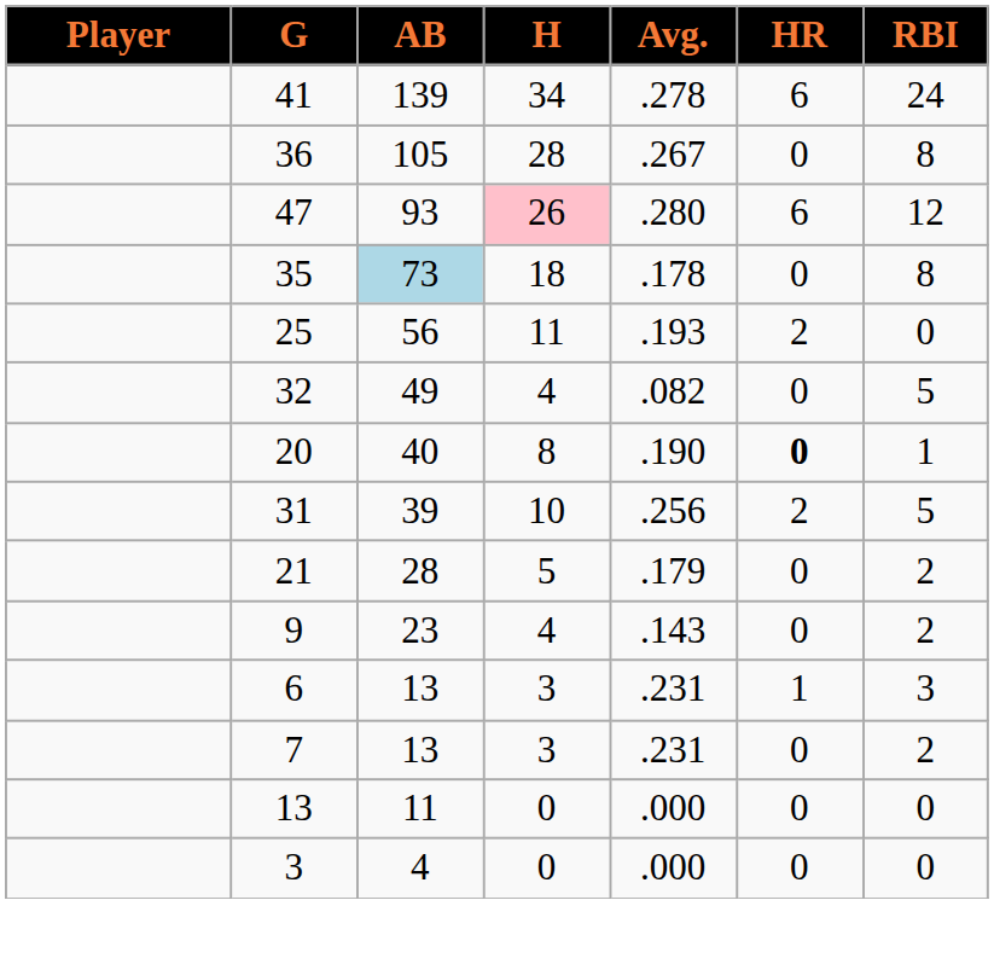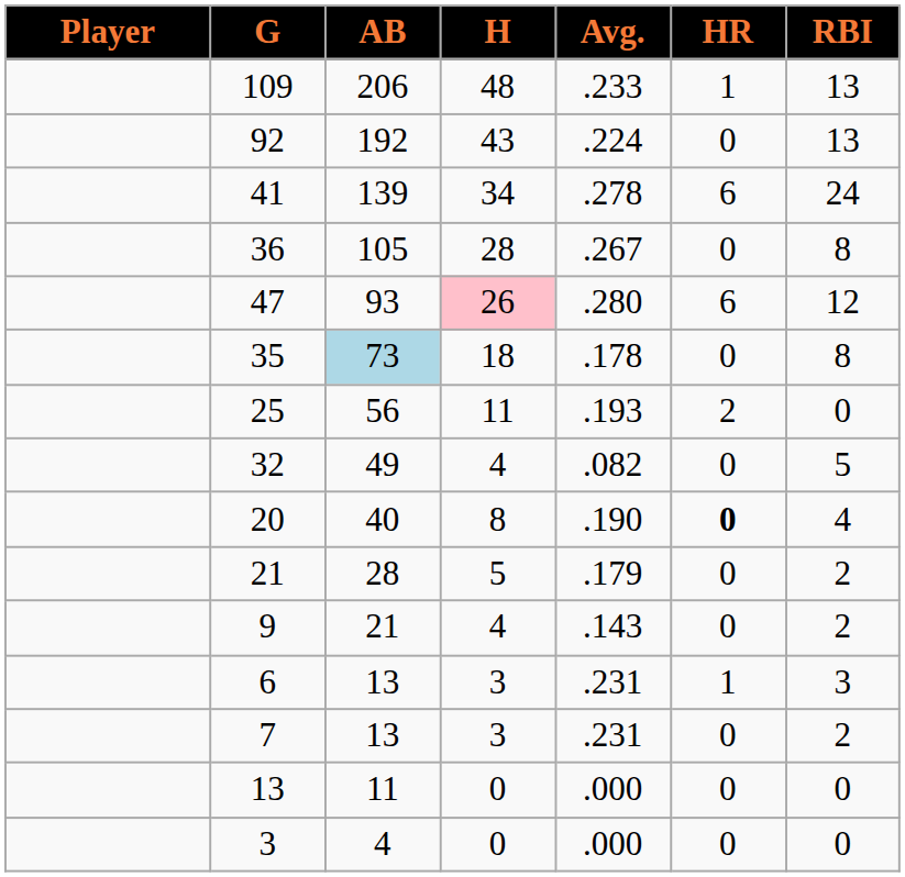 <table class="wikitable sortable">
 <tr>
 <th style="background:black;color:#f47937;" width="16%">Player</th>
 <th style="background:black;color:#f47937;" width="9%">G</th>
 <th style="background:black;color:#f47937;" width="9%">AB</th>
 <th style="background:black;color:#f47937;" width="9%">H</th>
 <th style="background:black;color:#f47937;" width="9%">Avg.</th>
 <th style="background:black;color:#f47937;" width="9%">HR</th>
 <th style="background:black;color:#f47937;" width="9%">RBI</th>
+</tr>
+<tr align="center">
+<td></td>
+<td>109</td>
+<td>206</td>
+<td>48</td>
+<td>.233</td>
+<td>1</td>
+<td>13</td>
+</tr>
+<tr align=center>
+<td></td>
+<td>92</td>
+<td>192</td>
+<td>43</td>
+<td>.224</td>
+<td>0</td>
+<td>13</td>
 </tr>
 <tr align="center">
 <td></td>
 <td>41</td>
 <td>139</td>
 <td>34</td>
 <td>.278</td>
 <td>6</td>
 <td>24</td>
 </tr>
 <tr align="center">
 <td></td>
 <td>36</td>
 <td>105</td>
 <td>28</td>
 <td>.267</td>
 <td>0</td>
 <td>8</td>
 </tr>
 <tr align="center">
 <td></td>
 <td>47</td>
 <td>93</td>
 <td style="background: pink;">26</td>
 <td>.280</td>
 <td>6</td>
 <td>12</td>
 </tr>
 <tr align="center">
 <td></td>
 <td>35</td>
 <td style="background: lightblue;">73</td>
 <td>18</td>
 <td>.178</td>
 <td>0</td>
 <td>8</td>
 </tr>
 <tr align="center">
 <td></td>
 <td>25</td>
 <td>56</td>
 <td>11</td>
 <td>.193</td>
 <td>2</td>
 <td>0</td>
 </tr>
 <tr align="center">
 <td></td>
 <td>32</td>
 <td>49</td>
 <td>4</td>
 <td>.082</td>
 <td>0</td>
 <td>5</td>
 </tr>
 <tr align="center">
 <td></td>
 <td>20</td>
 <td>40</td>
 <td>8</td>
 <td>.190</td>
 <td><strong>0</strong></td>
-<td>1</td>
-</tr>
-<tr align="center">
-<td></td>
-<td>31</td>
-<td>39</td>
-<td>10</td>
-<td>.256</td>
-<td>2</td>
-<td>5</td>
+<td>4</td>
 </tr>
 <tr align="center">
 <td></td>
 <td>21</td>
 <td>28</td>
 <td>5</td>
 <td>.179</td>
 <td>0</td>
 <td>2</td>
 </tr>
 <tr align="center">
 <td></td>
 <td>9</td>
-<td>23</td>
+<td>21</td>
 <td>4</td>
 <td>.143</td>
 <td>0</td>
 <td>2</td>
 </tr>
 <tr align="center">
 <td></td>
 <td>6</td>
 <td>13</td>
 <td>3</td>
 <td>.231</td>
 <td>1</td>
 <td>3</td>
 </tr>
 <tr align="center">
 <td></td>
 <td>7</td>
 <td>13</td>
 <td>3</td>
 <td>.231</td>
 <td>0</td>
 <td>2</td>
 </tr>
 <tr align="center">
 <td></td>
 <td>13</td>
 <td>11</td>
 <td>0</td>
 <td>.000</td>
 <td>0</td>
 <td>0</td>
 </tr>
 <tr align="center">
 <td></td>
 <td>3</td>
 <td>4</td>
 <td>0</td>
 <td>.000</td>
 <td>0</td>
 <td>0</td>
 </tr>
 </table>
